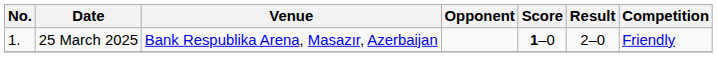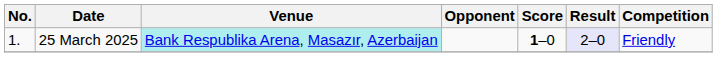 <table class="wikitable">
 <tr>
 <th>No.</th>
 <th>Date</th>
 <th>Venue</th>
 <th>Opponent</th>
 <th>Score</th>
 <th>Result</th>
 <th>Competition</th>
 </tr>
 <tr>
 <td>1.</td>
 <td>25 March 2025</td>
-<td><a href='#'>Bank Respublika Arena</a>, <a href='#'>Masazır</a>, <a href='#'>Azerbaijan</a></td>
+<td style="background: paleturquoise;"><a href='#'>Bank Respublika Arena</a>, <a href='#'>Masazır</a>, <a href='#'>Azerbaijan</a></td>
 <td></td>
 <td align=center><strong>1</strong>–0</td>
-<td align=center>2–0</td>
+<td align=center style="background: lavender;">2–0</td>
 <td><a href='#'>Friendly</a></td>
 </tr>
 <tr>
 </tr>
 </table>
